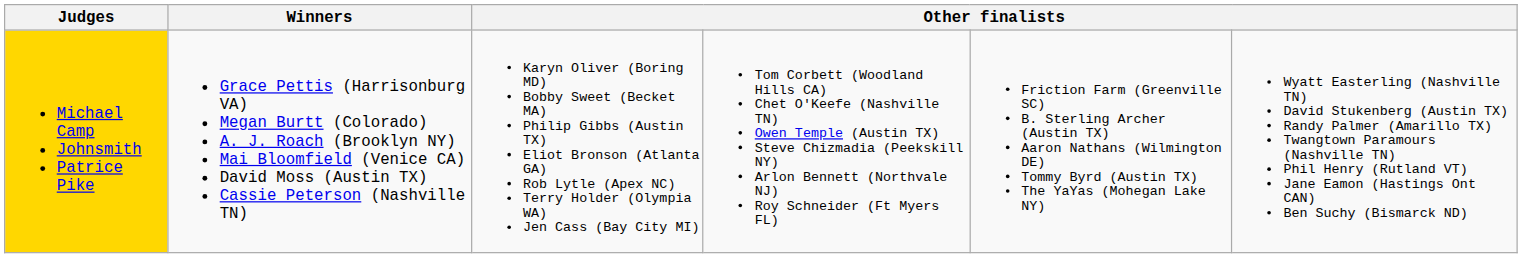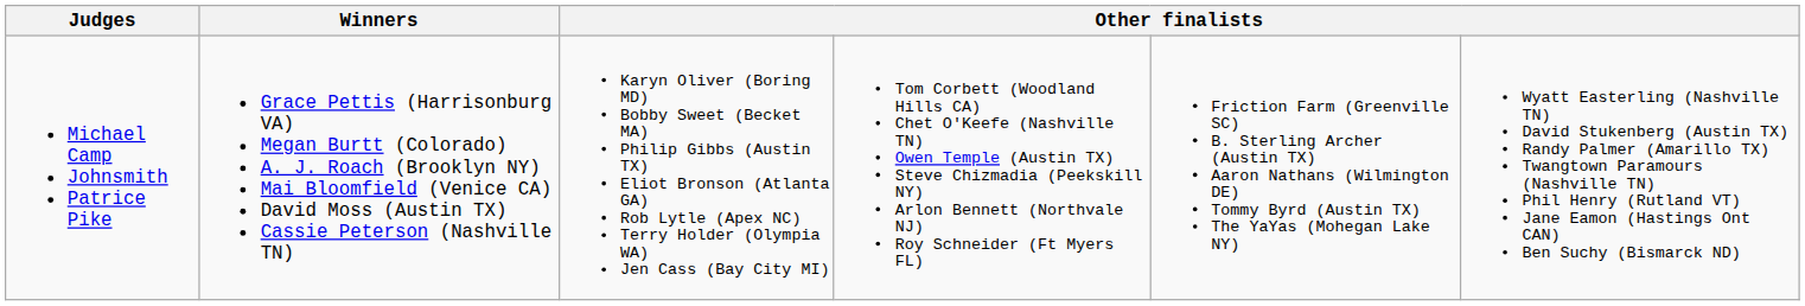 <table class="wikitable mw-collapsible mw-collapsed" style="text-align:left">
 <tr>
 <th>Judges</th>
 <th>Winners</th>
 <th colspan="4" align="center">Other finalists</th>
 </tr>
 <tr>
-<td style="background: gold;"><br><ul><li><a href='#'>Michael Camp</a></li><li><a href='#'>Johnsmith</a></li><li><a href='#'>Patrice Pike</a></li></ul></td>
+<td><br><ul><li><a href='#'>Michael Camp</a></li><li><a href='#'>Johnsmith</a></li><li><a href='#'>Patrice Pike</a></li></ul></td>
 <td><br><ul><li><a href='#'>Grace Pettis</a> (Harrisonburg VA)</li><li><a href='#'>Megan Burtt</a> (Colorado)</li><li><a href='#'>A. J. Roach</a> (Brooklyn NY)</li><li><a href='#'>Mai Bloomfield</a> (Venice CA)</li><li>David Moss (Austin TX)</li><li><a href='#'>Cassie Peterson</a> (Nashville TN)</li></ul></td>
 <td style="font-size:85%"><br><ul><li>Karyn Oliver (Boring MD)</li><li>Bobby Sweet (Becket MA)</li><li>Philip Gibbs (Austin TX)</li><li>Eliot Bronson (Atlanta GA)</li><li>Rob Lytle (Apex NC)</li><li>Terry Holder (Olympia WA)</li><li>Jen Cass (Bay City MI)</li></ul></td>
 <td style="font-size:85%"><br><ul><li>Tom Corbett (Woodland Hills CA)</li><li>Chet O'Keefe (Nashville TN)</li><li><a href='#'>Owen Temple</a> (Austin TX)</li><li>Steve Chizmadia (Peekskill NY)</li><li>Arlon Bennett (Northvale NJ)</li><li>Roy Schneider (Ft Myers FL)</li></ul></td>
 <td style="font-size:85%"><br><ul><li>Friction Farm (Greenville SC)</li><li>B. Sterling Archer (Austin TX)</li><li>Aaron Nathans (Wilmington DE)</li><li>Tommy Byrd (Austin TX)</li><li>The YaYas (Mohegan Lake NY)</li></ul></td>
 <td style="font-size:85%"><br><ul><li>Wyatt Easterling (Nashville TN)</li><li>David Stukenberg (Austin TX)</li><li>Randy Palmer (Amarillo TX)</li><li>Twangtown Paramours (Nashville TN)</li><li>Phil Henry (Rutland VT)</li><li>Jane Eamon (Hastings Ont CAN)</li><li>Ben Suchy (Bismarck ND)</li></ul></td>
 </tr>
 </table>
